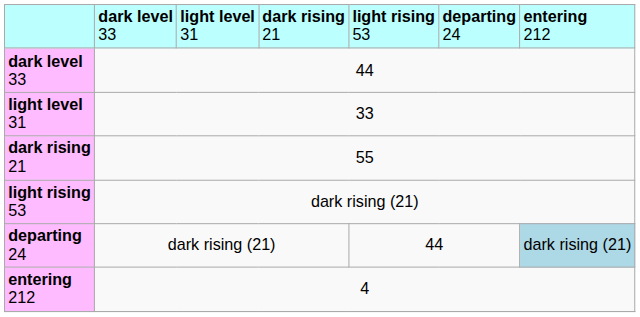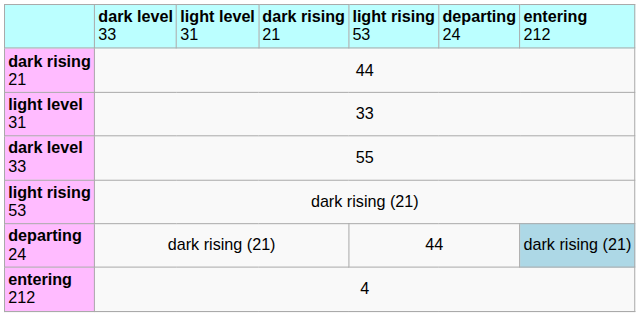 <table class=wikitable>
 <tr>
 <td bgcolor="#BBFFFF"></td>
 <td bgcolor="#BBFFFF"><strong>dark level</strong><br>33</td>
 <td bgcolor="#BBFFFF"><strong>light level</strong><br>31</td>
 <td bgcolor="#BBFFFF"><strong>dark rising</strong><br>21</td>
 <td bgcolor="#BBFFFF"><strong>light rising</strong><br>53</td>
 <td bgcolor="#BBFFFF"><strong>departing</strong><br>24</td>
 <td bgcolor="#BBFFFF"><strong>entering</strong><br>212</td>
 </tr>
 <tr>
-<td bgcolor="#FFBBFF"><strong>dark level</strong><br>33</td>
+<td bgcolor="#FFBBFF"><strong>dark rising</strong><br>21</td>
 <td colspan="6" style="text-align:center;">44</td>
 </tr>
 <tr>
 <td bgcolor="#FFBBFF"><strong>light level</strong><br>31</td>
 <td colspan="6" style="text-align:center;">33</td>
 </tr>
 <tr>
-<td bgcolor="#FFBBFF"><strong>dark rising</strong><br>21</td>
+<td bgcolor="#FFBBFF"><strong>dark level</strong><br>33</td>
 <td colspan="6" style="text-align:center;">55</td>
 </tr>
 <tr>
 <td bgcolor="#FFBBFF"><strong>light rising</strong><br>53</td>
 <td colspan="6" style="text-align:center;">dark rising (21)</td>
 </tr>
 <tr>
 <td bgcolor="#FFBBFF"><strong>departing</strong><br>24</td>
 <td colspan="3" style="text-align:center;">dark rising (21)</td>
 <td colspan="2" style="text-align:center;">44</td>
 <td style="background: lightblue;">dark rising (21)</td>
 </tr>
 <tr>
 <td bgcolor="#FFBBFF"><strong>entering</strong><br>212</td>
 <td colspan="6" style="text-align:center;">4</td>
 </tr>
 <tr>
 </tr>
 </table>
